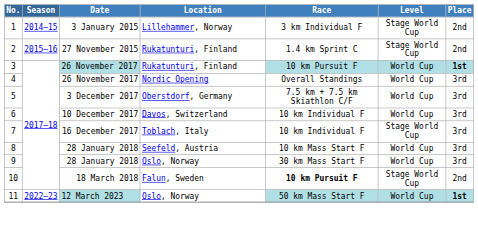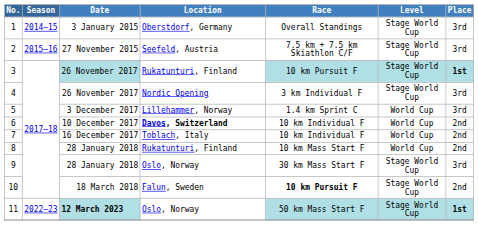 <table class="wikitable sortable" style="font-size:95%; text-align:center; border:grey solid 1px; border-collapse:collapse; background:#ffffff;">
 <tr style="background:#efefef;">
 <th style="background-color:#369; color:white;">No.</th>
 <th style="background-color:#369; color:white;">Season</th>
 <th style="background-color:#4180be; color:white; width:120px;">Date</th>
 <th style="background-color:#4180be; color:white; width:190px;">Location</th>
 <th style="background-color:#4180be; color:white; width:170px;">Race</th>
 <th style="background-color:#4180be; color:white; width:100px;">Level</th>
 <th style="background-color:#4180be; color:white;">Place</th>
 </tr>
 <tr>
 <td align=center>1</td>
 <td rowspan=1 align=center><a href='#'>2014–15</a></td>
 <td align=right>3 January 2015</td>
-<td align=left> <a href='#'>Lillehammer</a>, Norway</td>
-<td>3 km Individual F</td>
+<td align=left> <a href='#'>Oberstdorf</a>, Germany</td>
+<td>Overall Standings</td>
 <td>Stage World Cup</td>
-<td>2nd</td>
+<td>3rd</td>
 </tr>
 <tr>
 <td align=center>2</td>
 <td rowspan=1 align=center><a href='#'>2015–16</a></td>
 <td align=right>27 November 2015</td>
-<td align=left> <a href='#'>Rukatunturi</a>, Finland</td>
-<td>1.4 km Sprint C</td>
+<td align=left> <a href='#'>Seefeld</a>, Austria</td>
+<td>7.5 km + 7.5 km Skiathlon C/F</td>
 <td>Stage World Cup</td>
-<td>2nd</td>
+<td>3rd</td>
 </tr>
 <tr>
 <td align=center>3</td>
 <td rowspan=8 align=center><a href='#'>2017–18</a></td>
 <td align=left bgcolor="#BOEOE6" align=right>26 November 2017</td>
 <td align=left> <a href='#'>Rukatunturi</a>, Finland</td>
 <td bgcolor="#BOEOE6" align=center>10 km Pursuit F</td>
-<td bgcolor="#BOEOE6">World Cup</td>
+<td bgcolor="#BOEOE6">Stage World Cup</td>
 <td bgcolor="#BOEOE6"><strong>1st</strong></td>
 </tr>
 <tr>
 <td align=center>4</td>
 <td align=right>26 November 2017</td>
 <td align=left> <a href='#'>Nordic Opening</a></td>
-<td>Overall Standings</td>
-<td>World Cup</td>
+<td>3 km Individual F</td>
+<td>Stage World Cup</td>
 <td>3rd</td>
 </tr>
 <tr>
 <td align=center>5</td>
 <td align=right>3 December 2017</td>
-<td align=left> <a href='#'>Oberstdorf</a>, Germany</td>
-<td>7.5 km + 7.5 km Skiathlon C/F</td>
+<td align=left> <a href='#'>Lillehammer</a>, Norway</td>
+<td>1.4 km Sprint C</td>
 <td>World Cup</td>
 <td>3rd</td>
 </tr>
 <tr>
 <td align=center>6</td>
 <td align=right>10 December 2017</td>
-<td align=left> <a href='#'>Davos</a>, Switzerland</td>
+<td align=left><strong> <a href='#'>Davos</a>, Switzerland</strong></td>
 <td>10 km Individual F</td>
 <td>World Cup</td>
-<td>3rd</td>
+<td>2nd</td>
 </tr>
 <tr>
 <td align=center>7</td>
 <td align=right>16 December 2017</td>
 <td align=left> <a href='#'>Toblach</a>, Italy</td>
 <td>10 km Individual F</td>
-<td>Stage World Cup</td>
-<td>3rd</td>
+<td>World Cup</td>
+<td>2nd</td>
 </tr>
 <tr>
 <td align=center>8</td>
 <td align=right>28 January 2018</td>
-<td align=left> <a href='#'>Seefeld</a>, Austria</td>
+<td align=left> <a href='#'>Rukatunturi</a>, Finland</td>
 <td>10 km Mass Start F</td>
 <td>World Cup</td>
-<td>3rd</td>
+<td>2nd</td>
 </tr>
 <tr>
 <td align=center>9</td>
 <td align=right>28 January 2018</td>
 <td align=left> <a href='#'>Oslo</a>, Norway</td>
 <td>30 km Mass Start F</td>
-<td>World Cup</td>
+<td>Stage World Cup</td>
 <td>3rd</td>
 </tr>
 <tr>
 <td align=center>10</td>
 <td align=right>18 March 2018</td>
 <td align=left> <a href='#'>Falun</a>, Sweden</td>
 <td><strong>10 km Pursuit F</strong></td>
 <td>Stage World Cup</td>
 <td>2nd</td>
 </tr>
 <tr>
 <td align=center>11</td>
 <td rowspan=1 align=center><a href='#'>2022–23</a></td>
-<td align=left bgcolor="#BOEOE6" align=right>12 March 2023</td>
+<td align=left bgcolor="#BOEOE6" align=right><strong>12 March 2023</strong></td>
 <td align=left> <a href='#'>Oslo</a>, Norway</td>
 <td bgcolor="#BOEOE6" align=center>50 km Mass Start F</td>
-<td bgcolor="#BOEOE6">World Cup</td>
+<td bgcolor="#BOEOE6">Stage World Cup</td>
 <td bgcolor="#BOEOE6"><strong>1st</strong></td>
 </tr>
 <tr>
 </tr>
 </table>
